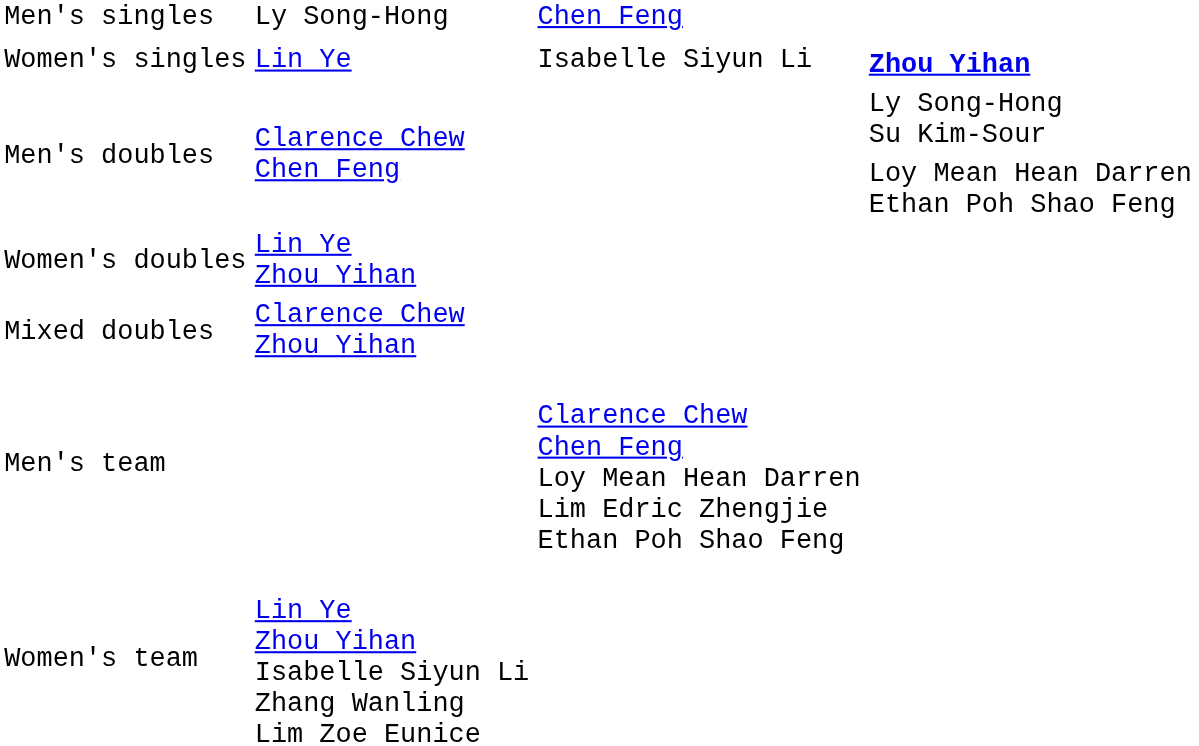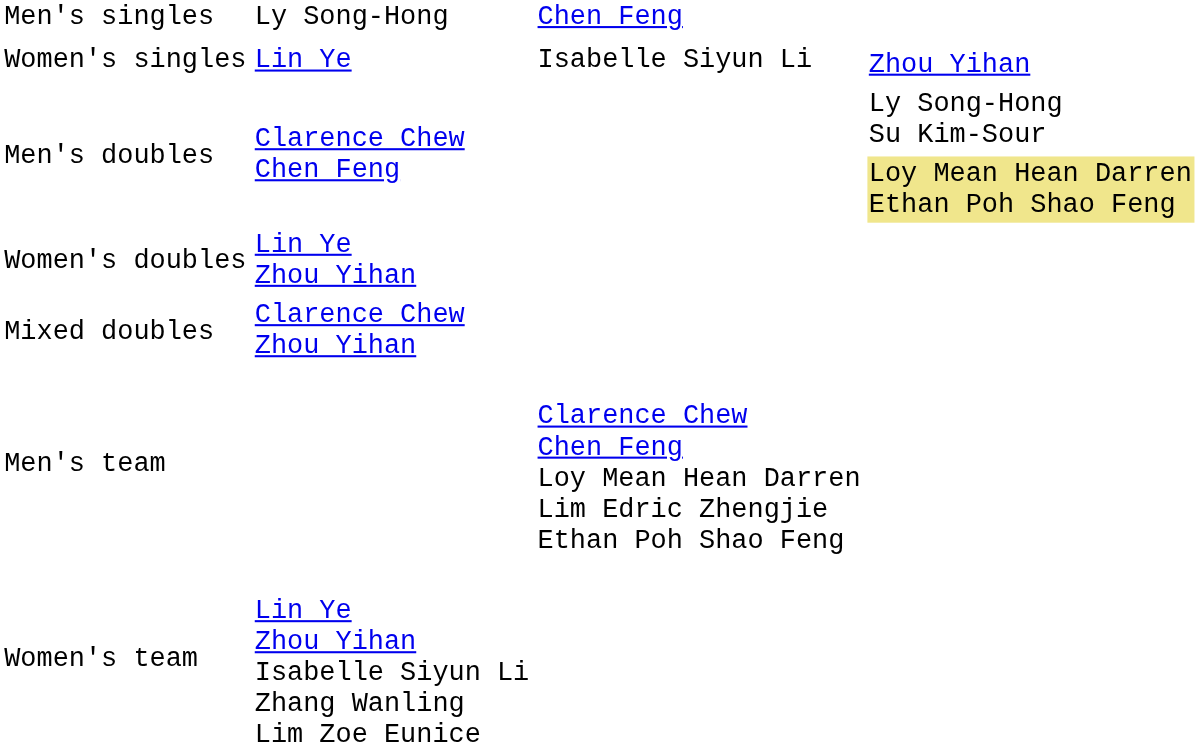 <table>
 <tr>
 <td rowspan=2>Men's singles <br></td>
 <td rowspan=2> Ly Song-Hong</td>
 <td rowspan=2> <a href='#'>Chen Feng</a></td>
 <td></td>
 </tr>
 <tr>
 <td></td>
 </tr>
 <tr>
 <td rowspan=2>Women's singles <br></td>
 <td rowspan=2> <a href='#'>Lin Ye</a></td>
 <td rowspan=2> Isabelle Siyun Li</td>
 <td></td>
 </tr>
 <tr>
-<td><strong> <a href='#'>Zhou Yihan</a></strong></td>
+<td> <a href='#'>Zhou Yihan</a></td>
 </tr>
 <tr>
 <td rowspan=2>Men's doubles <br></td>
 <td rowspan=2> <a href='#'>Clarence Chew</a><br> <a href='#'>Chen Feng</a></td>
 <td rowspan=2></td>
 <td> Ly Song-Hong<br> Su Kim-Sour</td>
 </tr>
 <tr>
-<td> Loy Mean Hean Darren<br> Ethan Poh Shao Feng</td>
+<td style="background: khaki;"> Loy Mean Hean Darren<br> Ethan Poh Shao Feng</td>
 </tr>
 <tr>
 <td rowspan=2>Women's doubles <br></td>
 <td rowspan=2> <a href='#'>Lin Ye</a><br> <a href='#'>Zhou Yihan</a></td>
 <td rowspan=2></td>
 <td></td>
 </tr>
 <tr>
 <td></td>
 </tr>
 <tr>
 <td rowspan=2>Mixed doubles <br></td>
 <td rowspan=2> <a href='#'>Clarence Chew</a><br> <a href='#'>Zhou Yihan</a></td>
 <td rowspan=2></td>
 <td></td>
 </tr>
 <tr>
 <td></td>
 </tr>
 <tr>
 <td rowspan=2>Men's team <br></td>
 <td rowspan=2></td>
 <td rowspan=2> <br><a href='#'>Clarence Chew</a><br><a href='#'>Chen Feng</a><br> Loy Mean Hean Darren<br>Lim Edric Zhengjie<br>Ethan Poh Shao Feng</td>
 <td></td>
 </tr>
 <tr>
 <td></td>
 </tr>
 <tr>
 <td rowspan=2>Women's team <br></td>
 <td rowspan=2> <br><a href='#'>Lin Ye</a><br><a href='#'>Zhou Yihan</a><br>Isabelle Siyun Li <br>Zhang Wanling<br>Lim Zoe Eunice</td>
 <td rowspan=2></td>
 <td></td>
 </tr>
 <tr>
 <td></td>
 </tr>
 </table>
